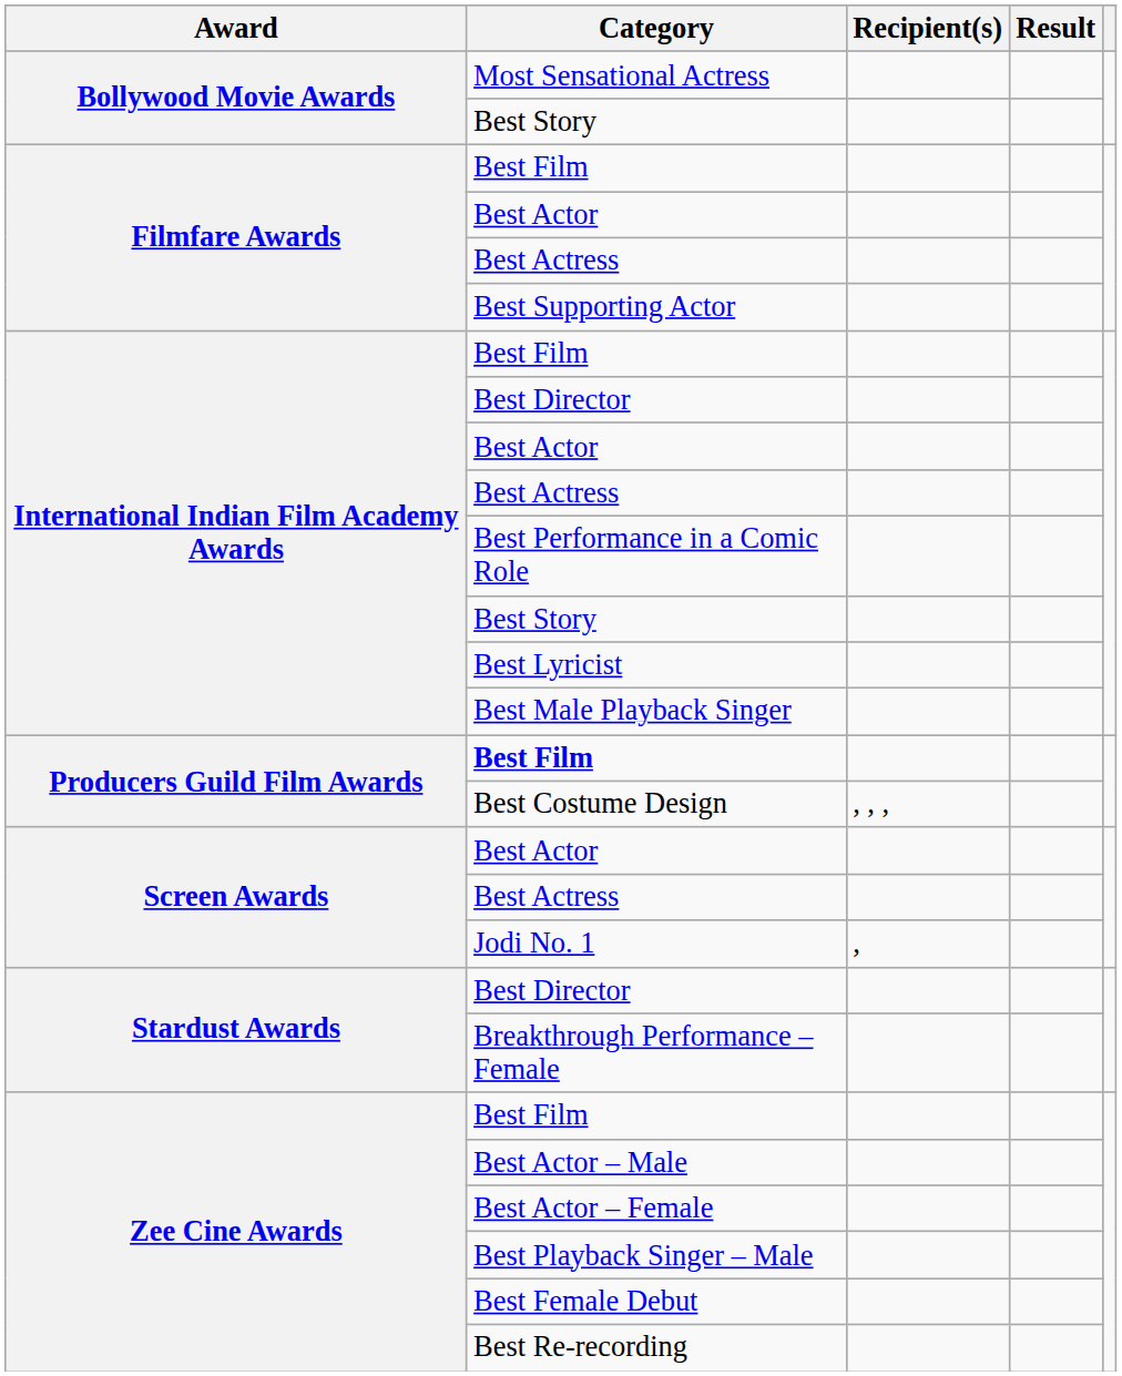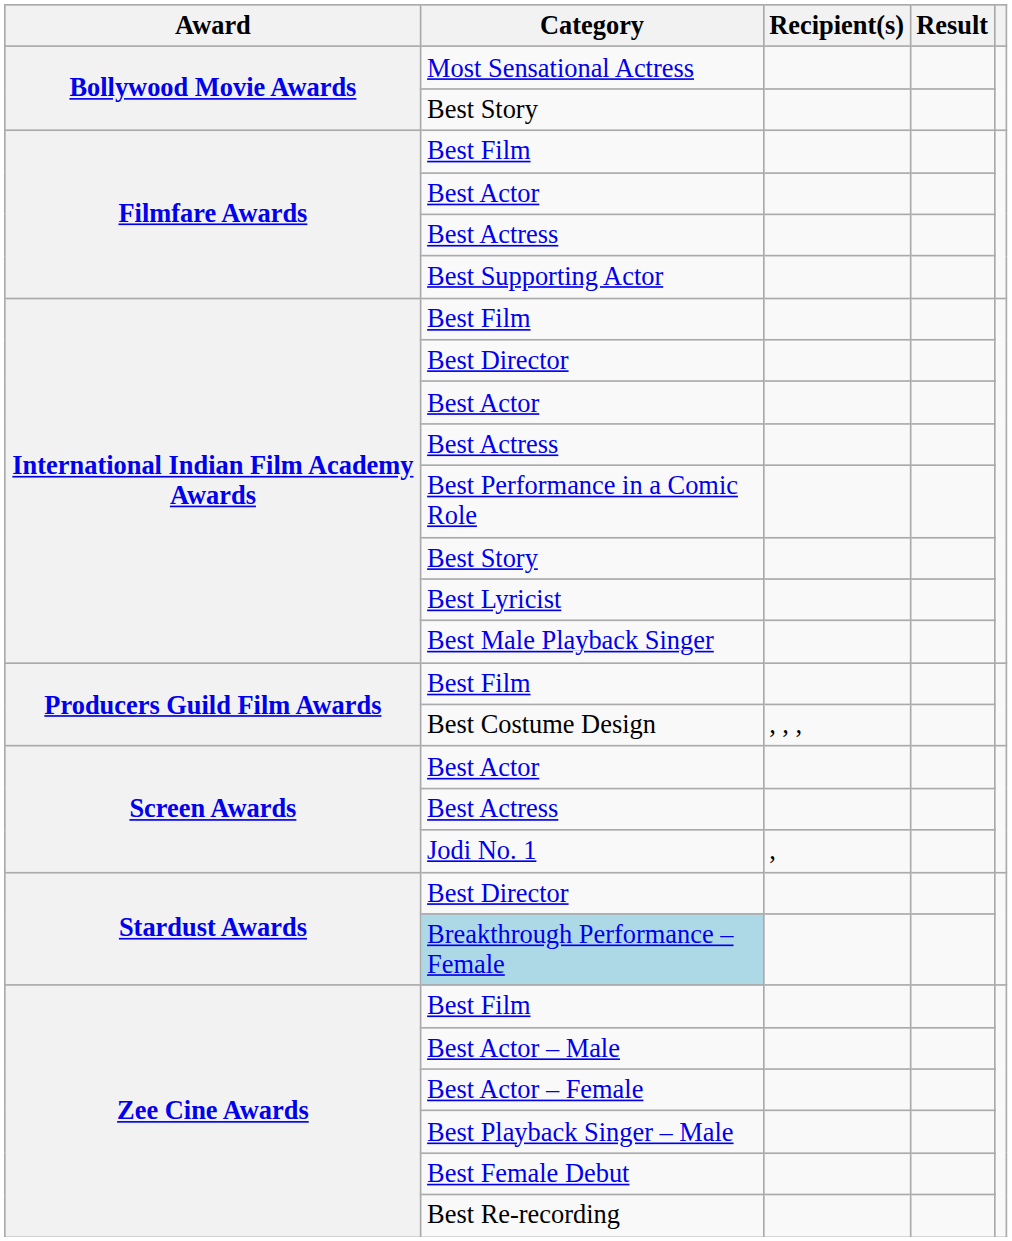 <table class="wikitable plainrowheaders sortable">
 <tr>
 <th scope="col">Award</th>
 <th scope="col">Category</th>
 <th scope="col">Recipient(s)</th>
 <th scope="col">Result</th>
 <th scope="col" class="unsortable"></th>
 </tr>
 <tr>
 <th scope="row" rowspan="2"><a href='#'>Bollywood Movie Awards</a></th>
 <td><a href='#'>Most Sensational Actress</a></td>
 <td></td>
 <td></td>
 <td style="text-align:center;" rowspan="2"></td>
 </tr>
 <tr>
 <td>Best Story</td>
 <td></td>
 <td></td>
 </tr>
 <tr>
 <th scope="row" rowspan="4"><a href='#'>Filmfare Awards</a></th>
 <td><a href='#'>Best Film</a></td>
 <td></td>
 <td></td>
 <td style="text-align:center;" rowspan="4"></td>
 </tr>
 <tr>
 <td><a href='#'>Best Actor</a></td>
 <td></td>
 <td></td>
 </tr>
 <tr>
 <td><a href='#'>Best Actress</a></td>
 <td></td>
 <td></td>
 </tr>
 <tr>
 <td><a href='#'>Best Supporting Actor</a></td>
 <td></td>
 <td></td>
 </tr>
 <tr>
 <th scope="row" rowspan="8"><a href='#'>International Indian Film Academy Awards</a></th>
 <td><a href='#'>Best Film</a></td>
 <td></td>
 <td></td>
 <td style="text-align:center;" rowspan="8"></td>
 </tr>
 <tr>
 <td><a href='#'>Best Director</a></td>
 <td></td>
 <td></td>
 </tr>
 <tr>
 <td><a href='#'>Best Actor</a></td>
 <td></td>
 <td></td>
 </tr>
 <tr>
 <td><a href='#'>Best Actress</a></td>
 <td></td>
 <td></td>
 </tr>
 <tr>
 <td><a href='#'>Best Performance in a Comic Role</a></td>
 <td></td>
 <td></td>
 </tr>
 <tr>
 <td><a href='#'>Best Story</a></td>
 <td></td>
 <td></td>
 </tr>
 <tr>
 <td><a href='#'>Best Lyricist</a></td>
 <td> </td>
 <td></td>
 </tr>
 <tr>
 <td><a href='#'>Best Male Playback Singer</a></td>
 <td> </td>
 <td></td>
 </tr>
 <tr>
 <th scope="row" rowspan="2"><a href='#'>Producers Guild Film Awards</a></th>
-<td><strong><a href='#'>Best Film</a></strong></td>
+<td><a href='#'>Best Film</a></td>
 <td></td>
 <td></td>
 <td style="text-align:center;" rowspan="2"></td>
 </tr>
 <tr>
 <td>Best Costume Design</td>
 <td>, , , </td>
 <td></td>
 </tr>
 <tr>
 <th scope="row" rowspan="3"><a href='#'>Screen Awards</a></th>
 <td><a href='#'>Best Actor</a></td>
 <td></td>
 <td></td>
 <td style="text-align:center;" rowspan="3"><br></td>
 </tr>
 <tr>
 <td><a href='#'>Best Actress</a></td>
 <td></td>
 <td></td>
 </tr>
 <tr>
 <td><a href='#'>Jodi No. 1</a></td>
 <td>, </td>
 <td></td>
 </tr>
 <tr>
 <th scope="row" rowspan="2"><a href='#'>Stardust Awards</a></th>
 <td><a href='#'>Best Director</a></td>
 <td></td>
 <td></td>
 <td style="text-align:center;" rowspan="2"></td>
 </tr>
 <tr>
-<td><a href='#'>Breakthrough Performance – Female</a></td>
+<td style="background: lightblue;"><a href='#'>Breakthrough Performance – Female</a></td>
 <td></td>
 <td></td>
 </tr>
 <tr>
 <th scope="row" rowspan="6"><a href='#'>Zee Cine Awards</a></th>
 <td><a href='#'>Best Film</a></td>
 <td></td>
 <td></td>
 <td style="text-align:center;" rowspan="6"></td>
 </tr>
 <tr>
 <td><a href='#'>Best Actor – Male</a></td>
 <td></td>
 <td></td>
 </tr>
 <tr>
 <td><a href='#'>Best Actor – Female</a></td>
 <td></td>
 <td></td>
 </tr>
 <tr>
 <td><a href='#'>Best Playback Singer – Male</a></td>
 <td> </td>
 <td></td>
 </tr>
 <tr>
 <td><a href='#'>Best Female Debut</a></td>
 <td></td>
 <td></td>
 </tr>
 <tr>
 <td>Best Re-recording</td>
 <td></td>
 <td></td>
 </tr>
 </table>
